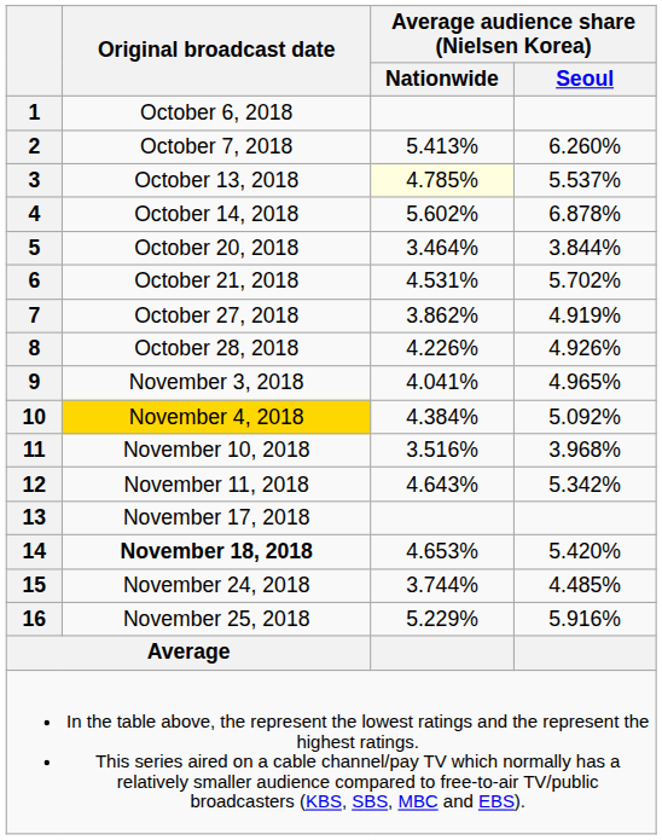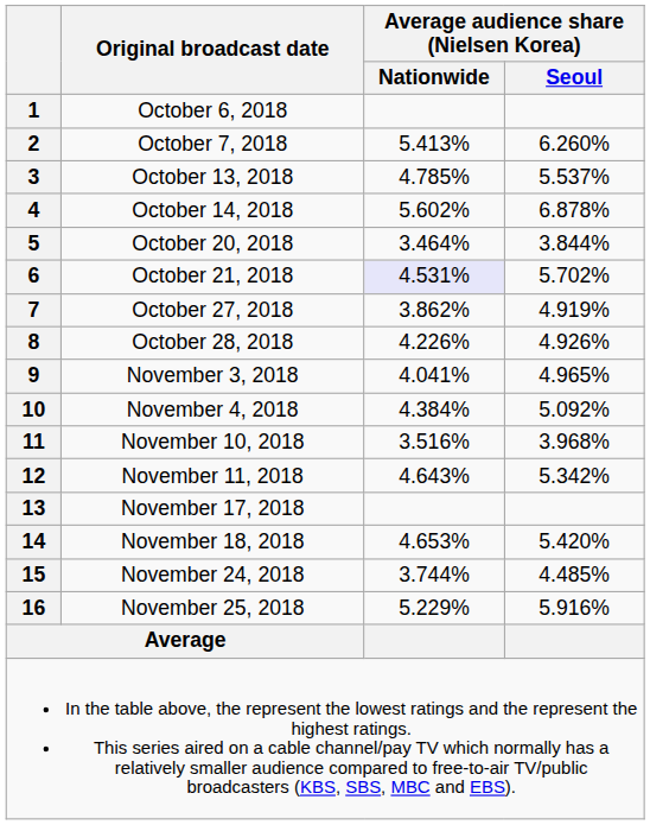 <table class="wikitable" style="text-align:center;max-width:490px; margin-left: auto; margin-right: auto; border: none;">
 <tr>
 </tr>
 <tr>
 <th rowspan="2"></th>
 <th rowspan="2">Original broadcast date</th>
 <th colspan="2">Average audience share<br>(Nielsen Korea)</th>
 </tr>
 <tr>
 <th width="100">Nationwide</th>
 <th width="100"><a href='#'>Seoul</a></th>
 </tr>
 <tr>
 <th>1</th>
 <td>October 6, 2018</td>
 <td></td>
 <td></td>
 </tr>
 <tr>
 <th>2</th>
 <td>October 7, 2018</td>
 <td>5.413%</td>
 <td>6.260%</td>
 </tr>
 <tr>
 <th>3</th>
 <td>October 13, 2018</td>
-<td style="background: lightyellow;">4.785%</td>
+<td>4.785%</td>
 <td>5.537%</td>
 </tr>
 <tr>
 <th>4</th>
 <td>October 14, 2018</td>
 <td>5.602%</td>
 <td>6.878%</td>
 </tr>
 <tr>
 <th>5</th>
 <td>October 20, 2018</td>
 <td>3.464%</td>
 <td>3.844%</td>
 </tr>
 <tr>
 <th>6</th>
 <td>October 21, 2018</td>
-<td>4.531%</td>
+<td style="background: lavender;">4.531%</td>
 <td>5.702%</td>
 </tr>
 <tr>
 <th>7</th>
 <td>October 27, 2018</td>
 <td>3.862%</td>
 <td>4.919%</td>
 </tr>
 <tr>
 <th>8</th>
 <td>October 28, 2018</td>
 <td>4.226%</td>
 <td>4.926%</td>
 </tr>
 <tr>
 <th>9</th>
 <td>November 3, 2018</td>
 <td>4.041%</td>
 <td>4.965%</td>
 </tr>
 <tr>
 <th>10</th>
-<td style="background: gold;">November 4, 2018</td>
+<td>November 4, 2018</td>
 <td>4.384%</td>
 <td>5.092%</td>
 </tr>
 <tr>
 <th>11</th>
 <td>November 10, 2018</td>
 <td>3.516%</td>
 <td>3.968%</td>
 </tr>
 <tr>
 <th>12</th>
 <td>November 11, 2018</td>
 <td>4.643%</td>
 <td>5.342%</td>
 </tr>
 <tr>
 <th>13</th>
 <td>November 17, 2018</td>
 <td></td>
 <td></td>
 </tr>
 <tr>
 <th>14</th>
-<td><strong>November 18, 2018</strong></td>
+<td>November 18, 2018</td>
 <td>4.653%</td>
 <td>5.420%</td>
 </tr>
 <tr>
 <th>15</th>
 <td>November 24, 2018</td>
 <td>3.744%</td>
 <td>4.485%</td>
 </tr>
 <tr>
 <th>16</th>
 <td>November 25, 2018</td>
 <td>5.229%</td>
 <td>5.916%</td>
 </tr>
 <tr>
 <th colspan="2">Average</th>
 <th></th>
 <th></th>
 </tr>
 <tr>
 <td colspan="4" style="font-size:85%"><br><ul><li>In the table above, the <strong></strong> represent the lowest ratings and the <strong></strong> represent the highest ratings.</li><li>This series aired on a cable channel/pay TV which normally has a relatively smaller audience compared to free-to-air TV/public broadcasters (<a href='#'>KBS</a>, <a href='#'>SBS</a>, <a href='#'>MBC</a> and <a href='#'>EBS</a>).</li></ul></td>
 </tr>
 </table>
